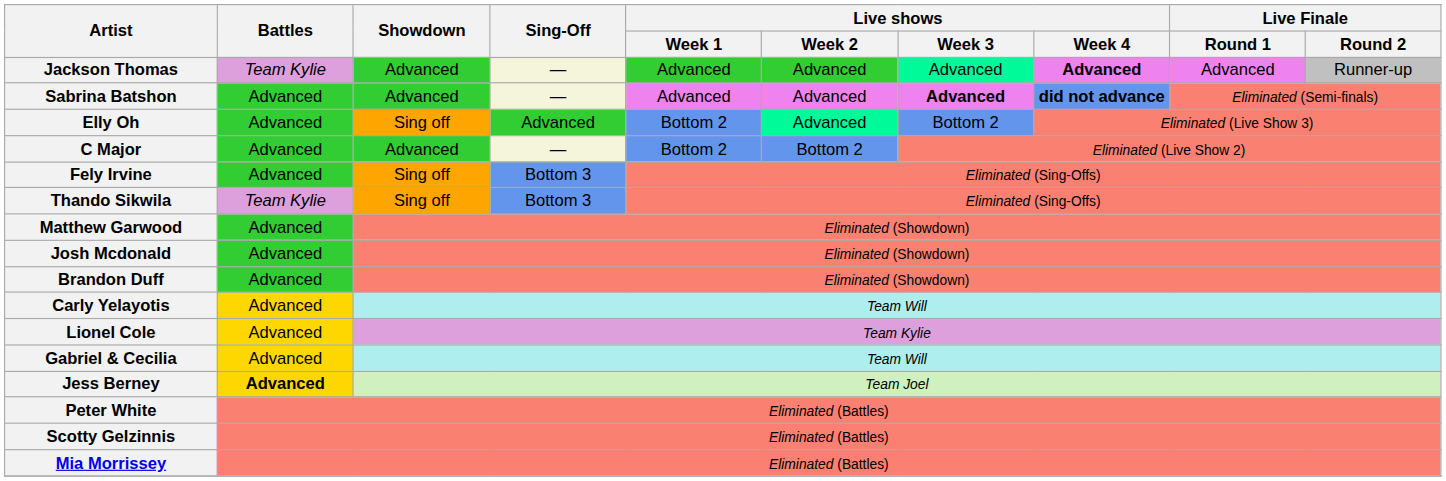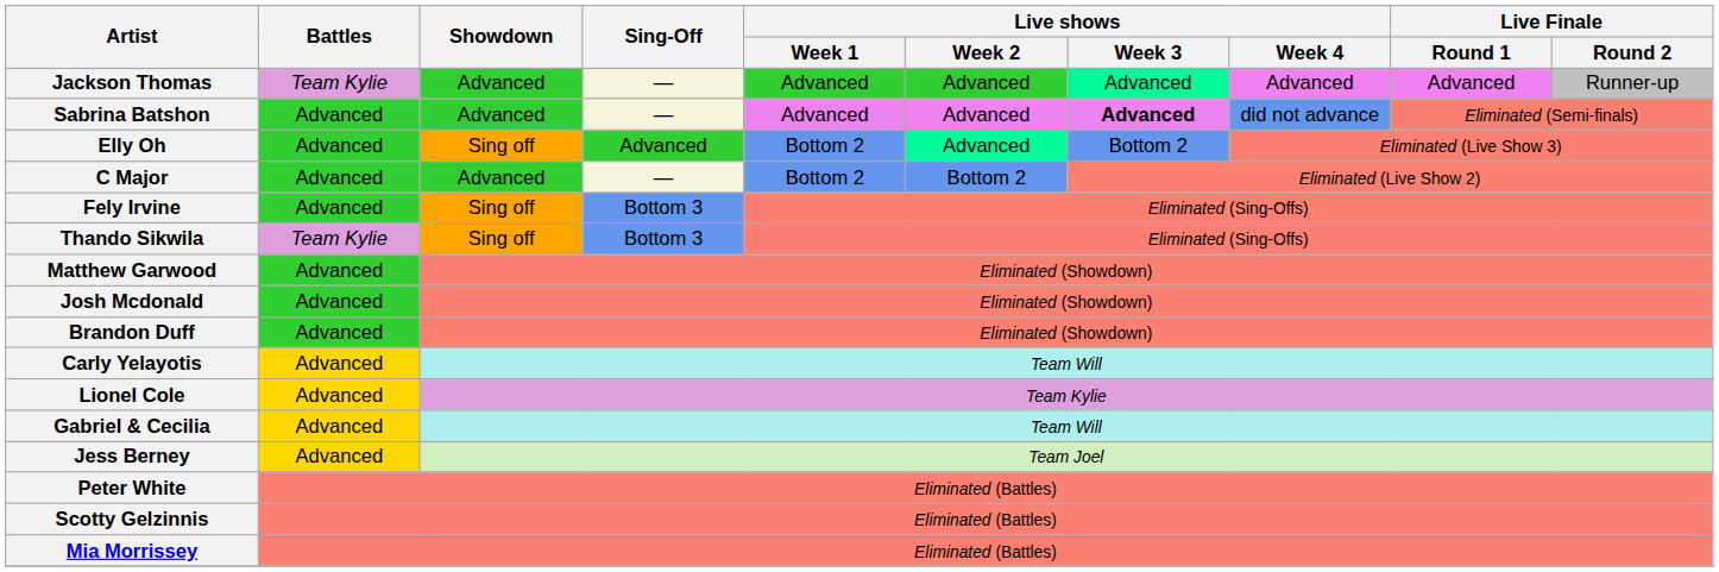 <table class="wikitable plainrowheaders"  style="text-align:center; font-size:90%;">
 <tr>
 <th rowspan="2" style="width:13em;">Artist</th>
 <th rowspan="2" style="width:8em;">Battles</th>
 <th rowspan="2" style="width:8em;">Showdown</th>
 <th rowspan="2" style="width:8em;">Sing-Off</th>
 <th colspan="4" style="width:8em;">Live shows</th>
 <th colspan="2" style="width:8em;">Live Finale</th>
 </tr>
 <tr>
 <th style="width:8em;">Week 1</th>
 <th style="width:8em;">Week 2</th>
 <th style="width:8em;">Week 3</th>
 <th style="width:8em;">Week 4</th>
 <th style="width:8em;">Round 1</th>
 <th style="width:8em;">Round 2</th>
 </tr>
 <tr>
 <th>Jackson Thomas</th>
 <td style="background:#dda0dd"><em>Team Kylie</em></td>
 <td style="background:limegreen">Advanced</td>
 <td style="background:beige;">—</td>
 <td style="background:limegreen;">Advanced</td>
 <td style="background:limegreen;">Advanced</td>
 <td style="background:#00FA9A">Advanced</td>
-<td style="background:violet"><strong>Advanced</strong></td>
+<td style="background:violet">Advanced</td>
 <td style="background:violet">Advanced</td>
 <td style="background:silver">Runner-up</td>
 </tr>
 <tr>
 <th>Sabrina Batshon</th>
 <td style="background:limegreen;">Advanced</td>
 <td style="background:limegreen">Advanced</td>
 <td style="background:beige;">—</td>
 <td style="background:violet">Advanced</td>
 <td style="background:violet">Advanced</td>
 <td style="background:violet"><strong>Advanced</strong></td>
-<td style="background:cornflowerblue"><strong>did not advance</strong></td>
+<td style="background:cornflowerblue">did not advance</td>
 <td colspan="7" style="background:salmon"><small><em>Eliminated</em> (Semi-finals)</small></td>
 </tr>
 <tr>
 <th>Elly Oh</th>
 <td style="background:limegreen;">Advanced</td>
 <td style="background:orange">Sing off</td>
 <td style="background:limegreen">Advanced</td>
 <td style="background:cornflowerblue">Bottom 2</td>
 <td style="background:#00FA9A">Advanced</td>
 <td style="background:cornflowerblue">Bottom 2</td>
 <td colspan="8" style="background:salmon"><small><em>Eliminated</em> (Live Show 3)</small></td>
 </tr>
 <tr>
 <th>C Major</th>
 <td style="background:limegreen;">Advanced</td>
 <td style="background:limegreen">Advanced</td>
 <td style="background:beige;">—</td>
 <td style="background:cornflowerblue">Bottom 2</td>
 <td style="background:cornflowerblue">Bottom 2</td>
 <td colspan="7" style="background:salmon"><small><em>Eliminated</em> (Live Show 2)</small></td>
 </tr>
 <tr>
 <th>Fely Irvine</th>
 <td style="background:limegreen;">Advanced</td>
 <td style="background:orange">Sing off</td>
 <td style="background:cornflowerblue">Bottom 3</td>
 <td colspan="7" style="background:salmon"><small><em>Eliminated</em> (Sing-Offs)</small></td>
 </tr>
 <tr>
 <th>Thando Sikwila</th>
 <td style="background:#dda0dd"><em>Team Kylie</em></td>
 <td style="background:orange">Sing off</td>
 <td style="background:cornflowerblue">Bottom 3</td>
 <td colspan="7" style="background:salmon"><small><em>Eliminated</em> (Sing-Offs)</small></td>
 </tr>
 <tr>
 <th>Matthew Garwood</th>
 <td style="background:limegreen;">Advanced</td>
 <td colspan="8" style="background:salmon"><small><em>Eliminated</em> (Showdown)</small></td>
 </tr>
 <tr>
 <th>Josh Mcdonald</th>
 <td style="background:limegreen;">Advanced</td>
 <td colspan="8" style="background:salmon"><small><em>Eliminated</em> (Showdown)</small></td>
 </tr>
 <tr>
 <th>Brandon Duff</th>
 <td style="background:limegreen;">Advanced</td>
 <td colspan="8" style="background:salmon"><small><em>Eliminated</em> (Showdown)</small></td>
 </tr>
 <tr>
 <th>Carly Yelayotis</th>
 <td style="background:gold;">Advanced</td>
 <td colspan="8" style="background:#afeeee"><small><em>Team Will</em></small></td>
 </tr>
 <tr>
 <th>Lionel Cole</th>
 <td style="background:gold;">Advanced</td>
 <td colspan="8" style="background:#dda0dd"><small><em>Team Kylie</em></small></td>
 </tr>
 <tr>
 <th>Gabriel & Cecilia</th>
 <td style="background:gold;">Advanced</td>
 <td colspan="8" style="background:#afeeee;"><small><em>Team Will</em></small></td>
 </tr>
 <tr>
 <th>Jess Berney</th>
-<td style="background:gold;"><strong>Advanced</strong></td>
+<td style="background:gold;">Advanced</td>
 <td colspan="8" style="background:#d0f0c0"><small><em>Team Joel</em></small></td>
 </tr>
 <tr>
 <th>Peter White</th>
 <td colspan="9" style="background:salmon"><small><em>Eliminated</em> (Battles)</small></td>
 </tr>
 <tr>
 <th>Scotty Gelzinnis</th>
 <td colspan="9" style="background:salmon"><small><em>Eliminated</em> (Battles)</small></td>
 </tr>
 <tr>
 <th><a href='#'>Mia Morrissey</a></th>
 <td colspan="9" style="background:salmon"><small><em>Eliminated</em> (Battles)</small></td>
 </tr>
 <tr>
 </tr>
 </table>
